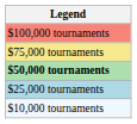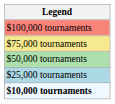 <table class="wikitable" style="font-size:85%;" width=12%>
 <tr>
 <th>Legend</th>
 </tr>
 <tr bgcolor="#F88379">
 <td>$100,000 tournaments</td>
 </tr>
 <tr bgcolor="#F7E98E">
 <td>$75,000 tournaments</td>
 </tr>
 <tr bgcolor="#ADDFAD">
-<td><strong>$50,000 tournaments</strong></td>
+<td>$50,000 tournaments</td>
 </tr>
 <tr bgcolor="lightblue">
 <td>$25,000 tournaments</td>
 </tr>
 <tr bgcolor="#f0f8ff">
-<td>$10,000 tournaments</td>
+<td><strong>$10,000 tournaments</strong></td>
 </tr>
 </table>
